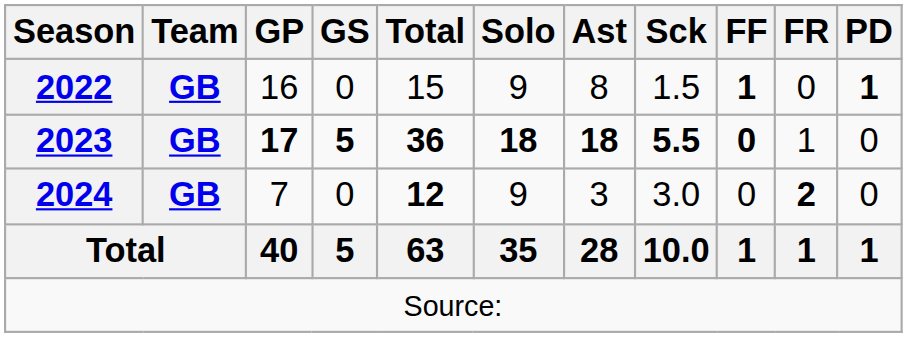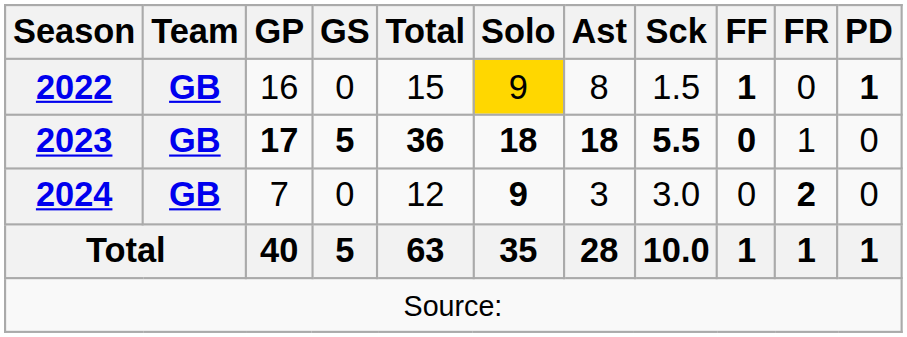 <table class=wikitable style="text-align:center;">
 <tr>
 <th>Season</th>
 <th>Team</th>
 <th>GP</th>
 <th>GS</th>
 <th>Total</th>
 <th>Solo</th>
 <th>Ast</th>
 <th>Sck</th>
 <th>FF</th>
 <th>FR</th>
 <th>PD</th>
 </tr>
 <tr>
 <th><a href='#'>2022</a></th>
 <th><a href='#'>GB</a></th>
 <td>16</td>
 <td>0</td>
 <td>15</td>
-<td>9</td>
+<td style="background: gold;">9</td>
 <td>8</td>
 <td>1.5</td>
 <td><strong>1</strong></td>
 <td>0</td>
 <td><strong>1</strong></td>
 </tr>
 <tr>
 <th><a href='#'>2023</a></th>
 <th><a href='#'>GB</a></th>
 <td><strong>17</strong></td>
 <td><strong>5</strong></td>
 <td><strong>36</strong></td>
 <td><strong>18</strong></td>
 <td><strong>18</strong></td>
 <td><strong>5.5</strong></td>
 <td><strong>0</strong></td>
 <td>1</td>
 <td>0</td>
 </tr>
 <tr>
 <th><a href='#'>2024</a></th>
 <th><a href='#'>GB</a></th>
 <td>7</td>
 <td>0</td>
-<td><strong>12</strong></td>
-<td>9</td>
+<td>12</td>
+<td><strong>9</strong></td>
 <td>3</td>
 <td>3.0</td>
 <td>0</td>
 <td><strong>2</strong></td>
 <td>0</td>
 </tr>
 <tr>
 <th colspan="2">Total</th>
 <th>40</th>
 <th>5</th>
 <th>63</th>
 <th>35</th>
 <th>28</th>
 <th>10.0</th>
 <th>1</th>
 <th>1</th>
 <th>1</th>
 </tr>
 <tr>
 <td colspan="11"><small>Source: </small></td>
 </tr>
 </table>
